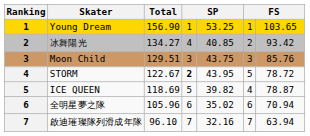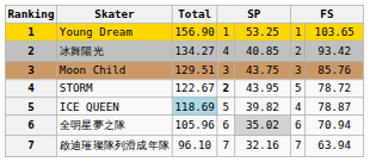 <table class="wikitable sortable">
 <tr>
 <th>Ranking</th>
 <th>Skater</th>
 <th>Total</th>
 <th colspan="2" width="80px">SP </th>
 <th colspan="2" width="80px">FS </th>
 </tr>
 <tr bgcolor="gold">
 <td align="center"><strong>1</strong></td>
 <td>Young Dream</td>
 <td align="center">156.90</td>
 <td align="center">1</td>
 <td align="center">53.25</td>
 <td align="center">1</td>
 <td align="center">103.65</td>
 </tr>
 <tr bgcolor="silver">
 <td align="center"><strong>2</strong></td>
 <td>冰舞陽光</td>
 <td align="center">134.27</td>
 <td align="center">4</td>
 <td align="center">40.85</td>
 <td align="center">2</td>
 <td align="center">93.42</td>
 </tr>
 <tr bgcolor="cc9966">
 <td align="center"><strong>3</strong></td>
 <td>Moon Child</td>
 <td align="center">129.51</td>
 <td align="center">3</td>
 <td align="center">43.75</td>
 <td align="center">3</td>
 <td align="center">85.76</td>
 </tr>
 <tr>
 <th>4</th>
 <td>STORM</td>
 <td align="center">122.67</td>
 <td align="center"><strong>2</strong></td>
 <td align="center">43.95</td>
 <td align="center">5</td>
 <td align="center">78.72</td>
 </tr>
 <tr>
 <th>5</th>
 <td>ICE QUEEN</td>
-<td align="center">118.69</td>
+<td align="center" style="background: lightblue;">118.69</td>
 <td align="center">5</td>
 <td align="center">39.82</td>
 <td align="center">4</td>
 <td align="center">78.87</td>
 </tr>
 <tr>
 <th>6</th>
 <td>全明星夢之隊</td>
 <td align="center">105.96</td>
 <td align="center">6</td>
-<td align="center">35.02</td>
+<td align="center" style="background: lightgrey;">35.02</td>
 <td align="center">6</td>
 <td align="center">70.94</td>
 </tr>
 <tr>
 <th>7</th>
 <td>啟迪璀璨隊列滑成年隊</td>
 <td align="center">96.10</td>
 <td align="center">7</td>
 <td align="center">32.16</td>
 <td align="center">7</td>
 <td align="center">63.94</td>
 </tr>
 </table>
